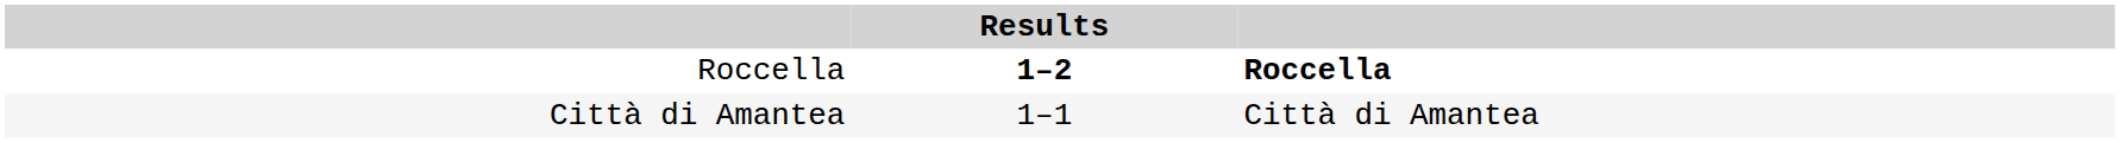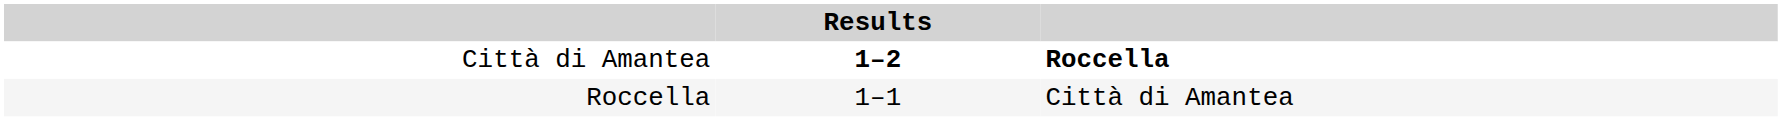 <table align=center style="font-size: 85%; border-collapse:collapse" border=0 cellspacing=0 cellpadding=2 width=60%>
 <tr bgcolor="D3D3D3">
 <th align=right></th>
 <th align=center>Results</th>
 <th align=left></th>
 <th align=center></th>
 </tr>
 <tr bgcolor=#FFFFFF>
-<td align=right>Roccella</td>
+<td align=right>Città di Amantea</td>
 <td align=center><strong>1–2</strong></td>
 <td><strong>Roccella</strong></td>
 <td align=center></td>
 </tr>
 <tr bgcolor=#F5F5F5>
-<td align=right>Città di Amantea</td>
+<td align=right>Roccella</td>
 <td align=center>1–1</td>
 <td>Città di Amantea</td>
 <td align=center></td>
 </tr>
 </table>
